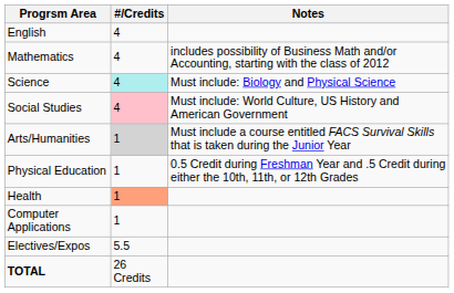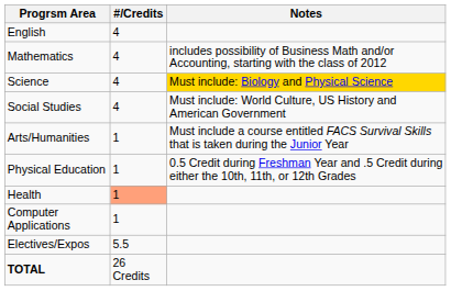 <table class="wikitable">
 <tr>
 <th>Progrsm Area</th>
 <th>#/Credits</th>
 <th>Notes</th>
 </tr>
 <tr>
 <td>English</td>
 <td>4</td>
 <td></td>
 </tr>
 <tr>
 <td>Mathematics</td>
 <td>4</td>
 <td>includes possibility of Business Math and/or Accounting, starting with the class of 2012</td>
 </tr>
 <tr>
 <td>Science</td>
-<td style="background: paleturquoise;">4</td>
-<td>Must include: <a href='#'>Biology</a> and <a href='#'>Physical Science</a></td>
+<td>4</td>
+<td style="background: gold;">Must include: <a href='#'>Biology</a> and <a href='#'>Physical Science</a></td>
 </tr>
 <tr>
 <td>Social Studies</td>
-<td style="background: pink;">4</td>
+<td>4</td>
 <td>Must include: World Culture, US History and American Government</td>
 </tr>
 <tr>
 <td>Arts/Humanities</td>
-<td style="background: lightgrey;">1</td>
+<td>1</td>
 <td>Must include a course  entitled <em>FACS Survival Skills</em> that is taken during the <a href='#'>Junior</a> Year</td>
 </tr>
 <tr>
 <td>Physical Education</td>
 <td>1</td>
 <td>0.5 Credit during <a href='#'>Freshman</a> Year and .5 Credit during either the 10th, 11th, or 12th Grades</td>
 </tr>
 <tr>
 <td>Health</td>
 <td style="background: lightsalmon;">1</td>
 <td></td>
 </tr>
 <tr>
 <td>Computer Applications</td>
 <td>1</td>
 <td></td>
 </tr>
 <tr>
 <td>Electives/Expos</td>
 <td>5.5</td>
 <td></td>
 </tr>
 <tr>
 <td><strong>TOTAL</strong></td>
 <td>26 Credits</td>
 </tr>
 </table>
